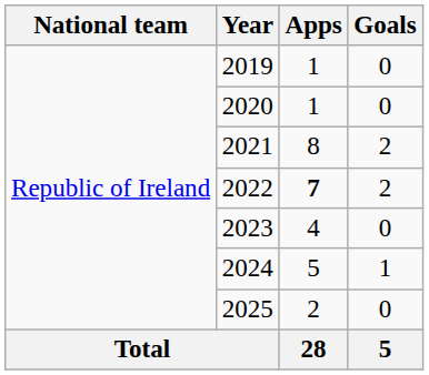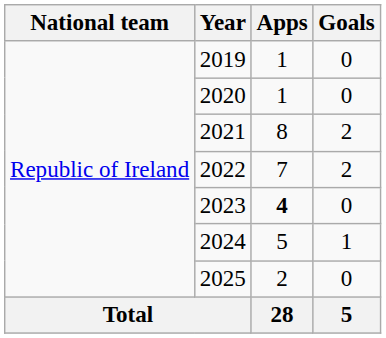 <table class=wikitable style=text-align:center>
 <tr>
 <th>National team</th>
 <th>Year</th>
 <th>Apps</th>
 <th>Goals</th>
 </tr>
 <tr>
 <td rowspan="7"><a href='#'>Republic of Ireland</a></td>
 <td>2019</td>
 <td>1</td>
 <td>0</td>
 </tr>
 <tr>
 <td>2020</td>
 <td>1</td>
 <td>0</td>
 </tr>
 <tr>
 <td>2021</td>
 <td>8</td>
 <td>2</td>
 </tr>
 <tr>
 <td>2022</td>
-<td><strong>7</strong></td>
+<td>7</td>
 <td>2</td>
 </tr>
 <tr>
 <td>2023</td>
-<td>4</td>
+<td><strong>4</strong></td>
 <td>0</td>
 </tr>
 <tr>
 <td>2024</td>
 <td>5</td>
 <td>1</td>
 </tr>
 <tr>
 <td>2025</td>
 <td>2</td>
 <td>0</td>
 </tr>
 <tr>
 <th colspan="2">Total</th>
 <th>28</th>
 <th>5</th>
 </tr>
 </table>
